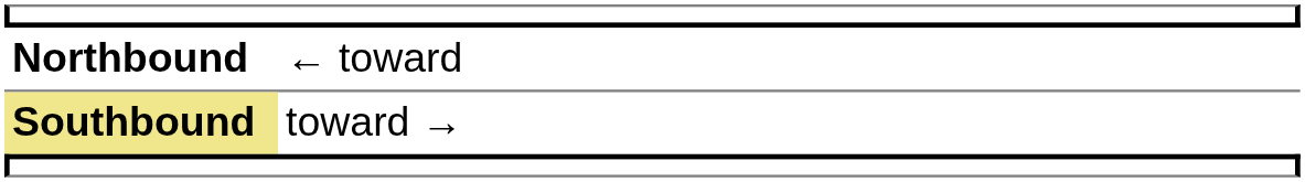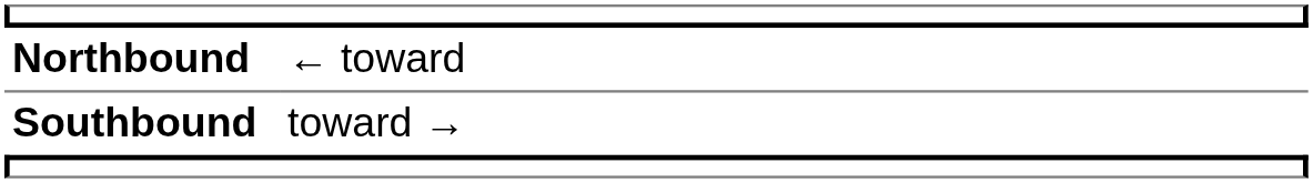 <table border=0 cellspacing=0 cellpadding=3>
 <tr>
 <td style="border-top:solid 1px gray;border-right:solid 2px black;border-left:solid 2px black;border-bottom:solid 2px black;text-align:center;" colspan=2></td>
 </tr>
 <tr>
 <td style="border-bottom:solid 1px gray;" width=100><strong>Northbound</strong></td>
 <td style="border-bottom:solid 1px gray;" width=390>←   toward  </td>
 </tr>
 <tr>
-<td style="background: khaki;"><strong>Southbound</strong></td>
+<td><strong>Southbound</strong></td>
 <td>   toward   →</td>
 </tr>
 <tr>
 <td style="border-top:solid 2px black;border-right:solid 2px black;border-left:solid 2px black;border-bottom:solid 1px gray;text-align:center;" colspan=2></td>
 </tr>
 </table>
